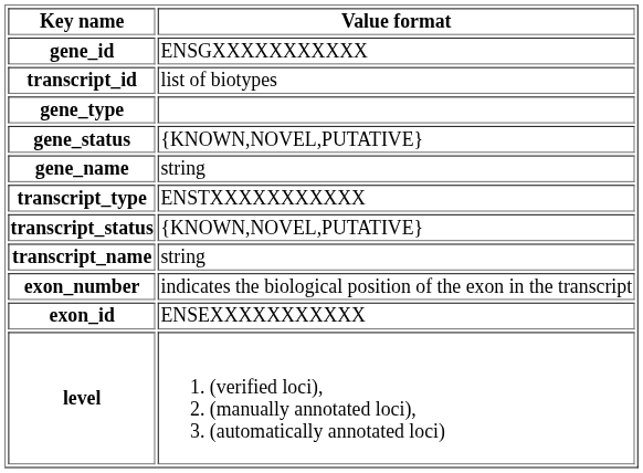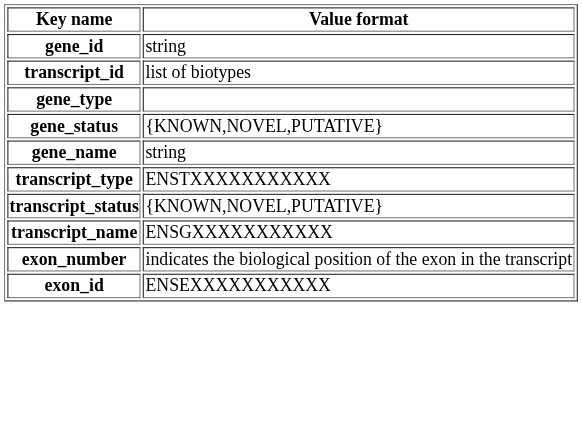 <table border="1">
 <tr>
 <th>Key name</th>
 <th>Value format</th>
 </tr>
 <tr>
 <th>gene_id</th>
-<td>ENSGXXXXXXXXXXX</td>
+<td>string</td>
 </tr>
 <tr>
 <th>transcript_id</th>
 <td>list of biotypes</td>
 </tr>
 <tr>
 <th>gene_type</th>
 <td> </td>
 </tr>
 <tr>
 <th>gene_status</th>
 <td>{KNOWN,NOVEL,PUTATIVE}</td>
 </tr>
 <tr>
 <th>gene_name</th>
 <td>string</td>
 </tr>
 <tr>
 <th>transcript_type</th>
 <td>ENSTXXXXXXXXXXX</td>
 </tr>
 <tr>
 <th>transcript_status</th>
 <td>{KNOWN,NOVEL,PUTATIVE}</td>
 </tr>
 <tr>
 <th>transcript_name</th>
-<td>string</td>
+<td>ENSGXXXXXXXXXXX</td>
 </tr>
 <tr>
 <th>exon_number</th>
 <td>indicates the biological position of the exon in the transcript</td>
 </tr>
 <tr>
 <th>exon_id</th>
 <td>ENSEXXXXXXXXXXX</td>
 </tr>
-<tr>
-<th>level</th>
-<td><br><ol><li>(verified loci),</li><li>(manually annotated loci),</li><li>(automatically annotated loci)</li></ol></td>
-</tr>
 </table>
